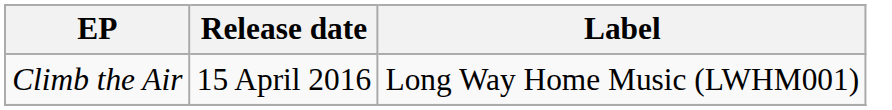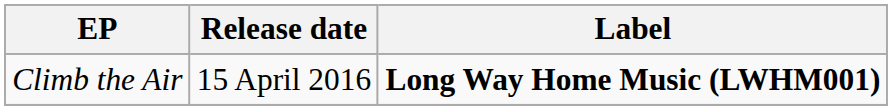 <table class="wikitable">
 <tr>
 <th>EP</th>
 <th>Release date</th>
 <th>Label</th>
 </tr>
 <tr>
 <td><em>Climb the Air</em></td>
 <td>15 April 2016</td>
-<td>Long Way Home Music 	(LWHM001)</td>
+<td><strong>Long Way Home Music 	(LWHM001)</strong></td>
 </tr>
 <tr>
 </tr>
 </table>
